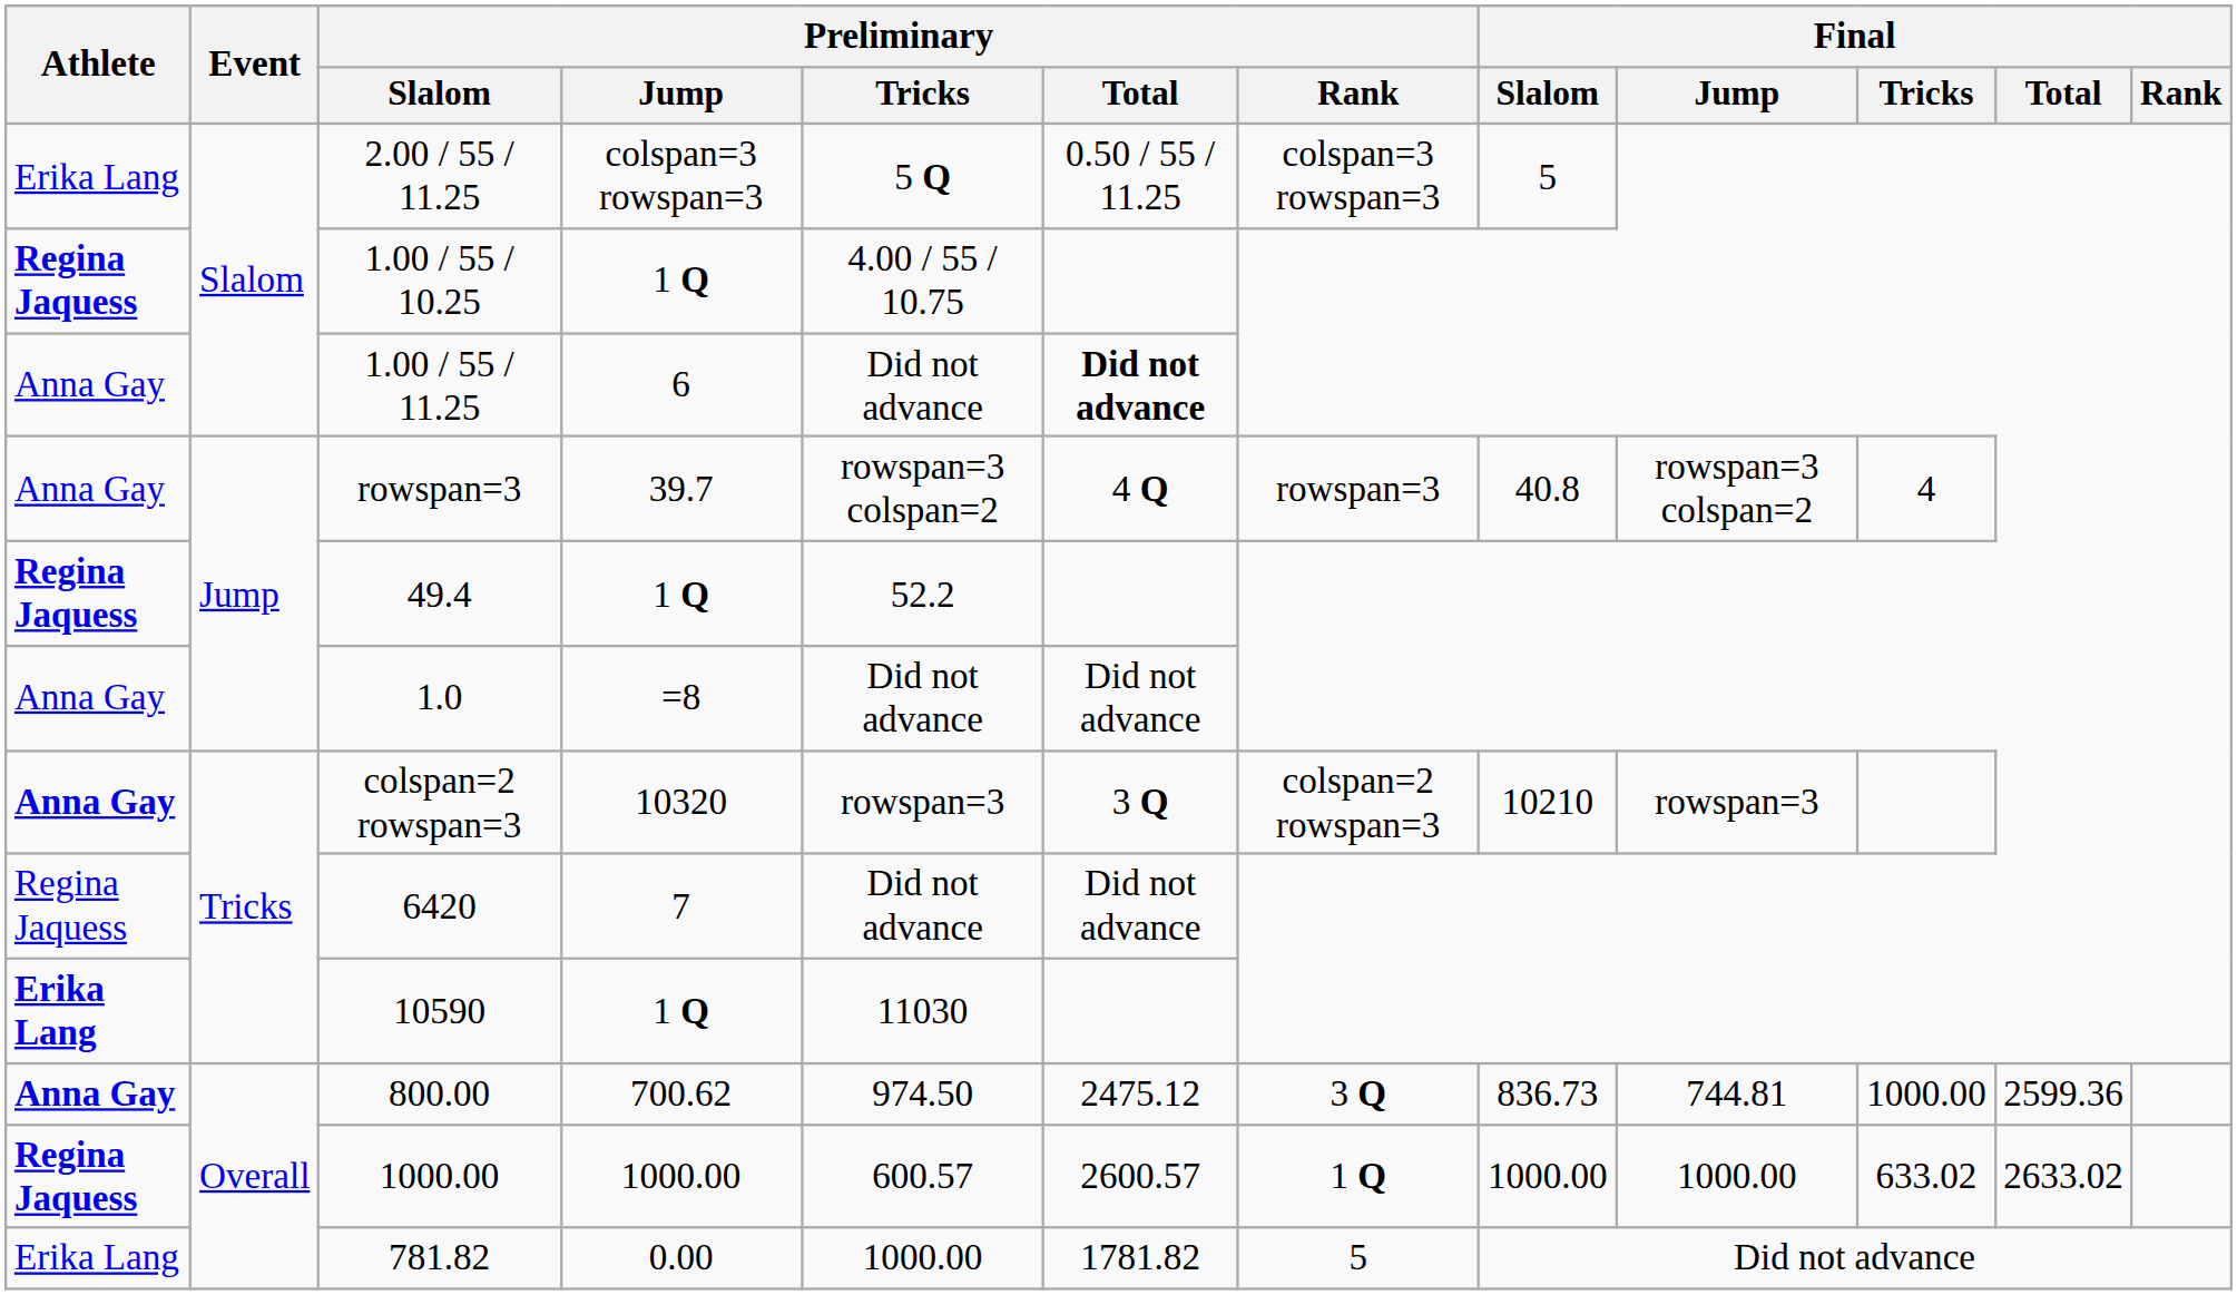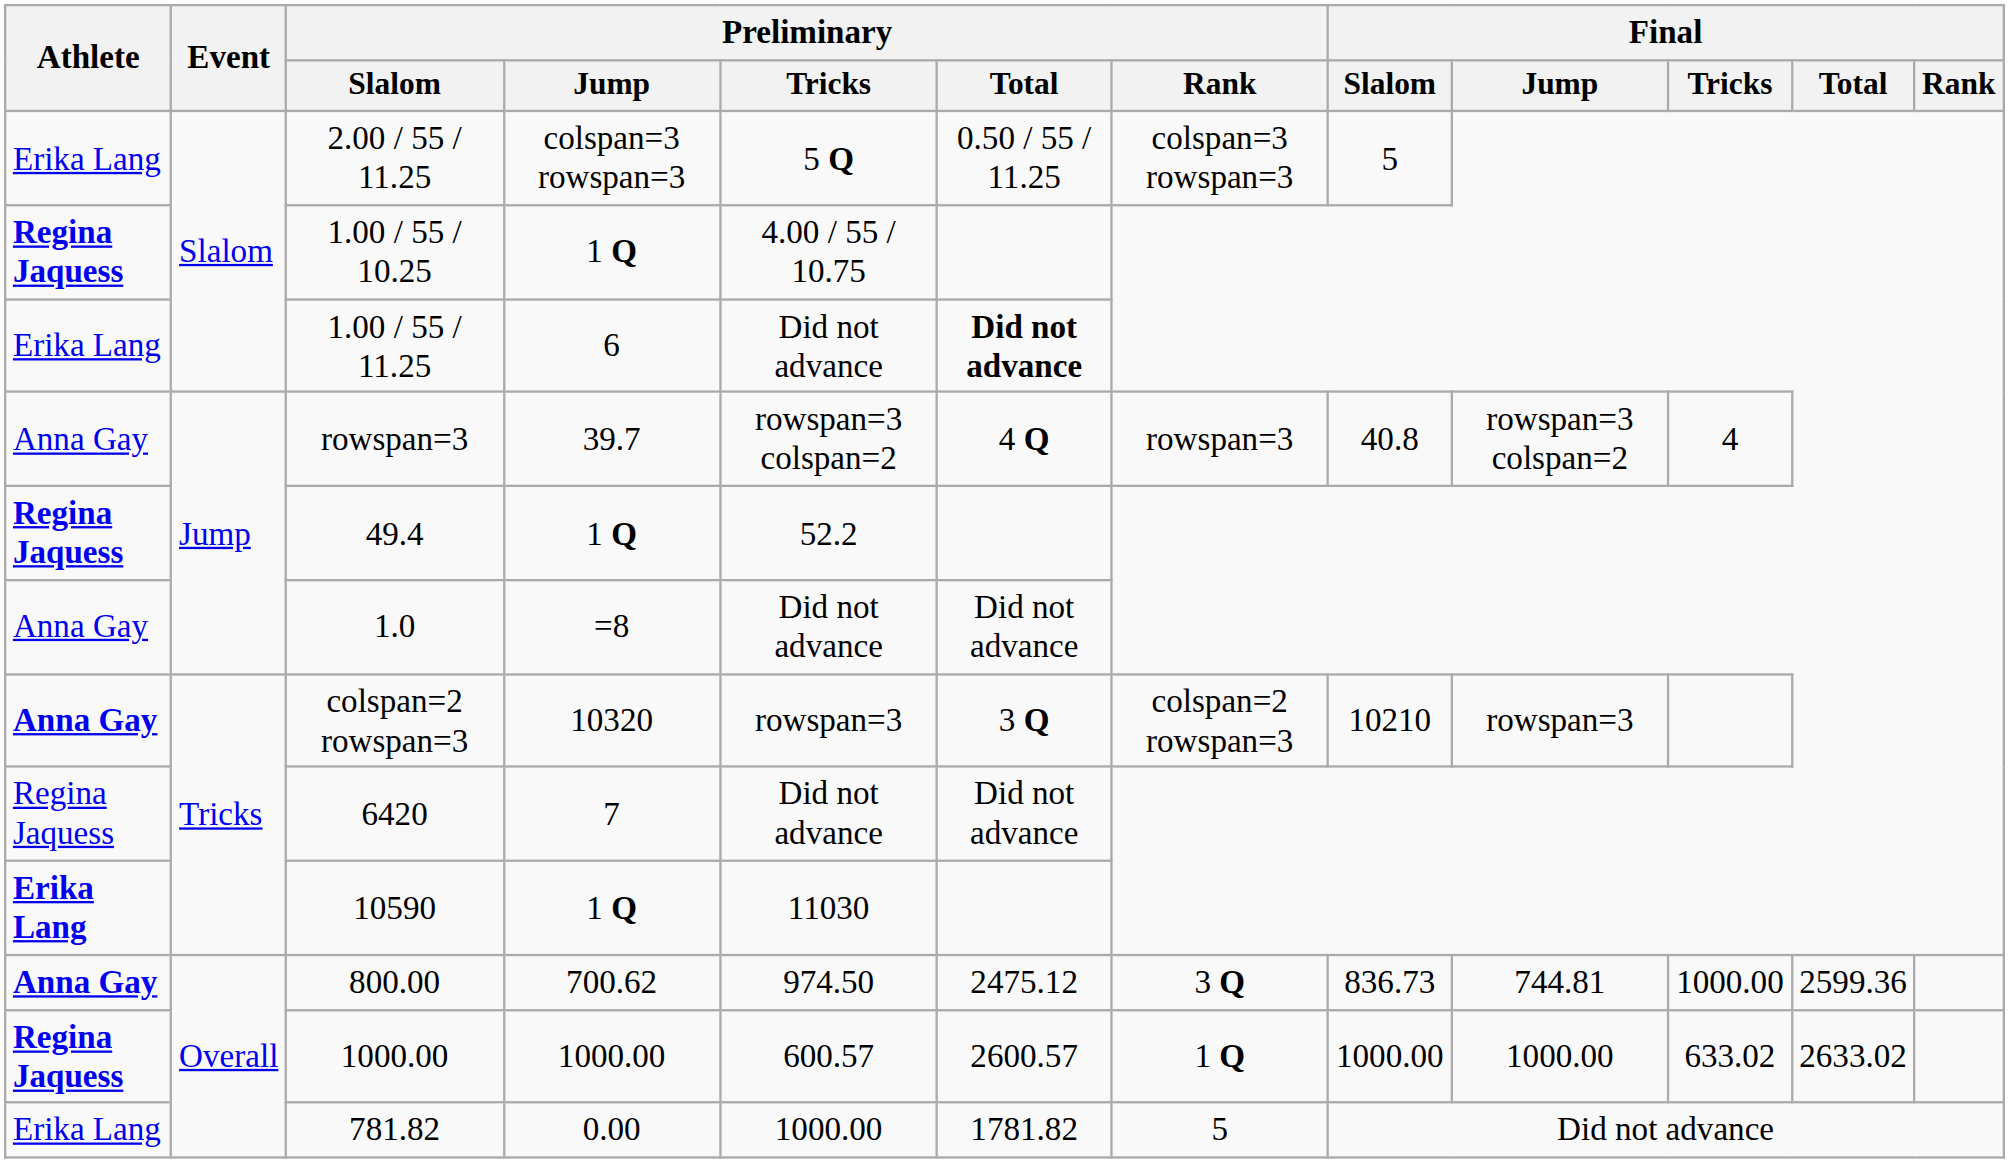 <table class=wikitable style=font-size:90%;text-align:center>
 <tr>
 <th rowspan=2>Athlete</th>
 <th rowspan=2>Event</th>
 <th colspan=5>Preliminary</th>
 <th colspan=5>Final</th>
 </tr>
 <tr style=font-size:95%>
 <th>Slalom</th>
 <th>Jump</th>
 <th>Tricks</th>
 <th>Total</th>
 <th>Rank</th>
 <th>Slalom</th>
 <th>Jump</th>
 <th>Tricks</th>
 <th>Total</th>
 <th>Rank</th>
 </tr>
 <tr>
 <td align=left><a href='#'>Erika Lang</a></td>
 <td align=left rowspan=3><a href='#'>Slalom</a></td>
 <td>2.00 / 55 / 11.25</td>
 <td>colspan=3 rowspan=3 </td>
 <td>5 <strong>Q</strong></td>
 <td>0.50 / 55 / 11.25</td>
 <td>colspan=3 rowspan=3 </td>
 <td>5</td>
 </tr>
 <tr>
 <td align=left><strong><a href='#'>Regina Jaquess</a></strong></td>
 <td>1.00 / 55 / 10.25</td>
 <td>1 <strong>Q</strong></td>
 <td>4.00 / 55 / 10.75</td>
 <td></td>
 </tr>
 <tr>
-<td align=left><a href='#'>Anna Gay</a></td>
+<td align=left><a href='#'>Erika Lang</a></td>
 <td>1.00 / 55 / 11.25</td>
 <td>6</td>
 <td>Did not advance</td>
 <td><strong>Did not advance</strong></td>
 </tr>
 <tr>
 <td align=left><a href='#'>Anna Gay</a></td>
 <td align=left rowspan=3><a href='#'>Jump</a></td>
 <td>rowspan=3 </td>
 <td>39.7</td>
 <td>rowspan=3 colspan=2 </td>
 <td>4 <strong>Q</strong></td>
 <td>rowspan=3 </td>
 <td>40.8</td>
 <td>rowspan=3 colspan=2 </td>
 <td>4</td>
 </tr>
 <tr>
 <td align=left><strong><a href='#'>Regina Jaquess</a></strong></td>
 <td>49.4</td>
 <td>1 <strong>Q</strong></td>
 <td>52.2</td>
 <td></td>
 </tr>
 <tr>
 <td align=left><a href='#'>Anna Gay</a></td>
 <td>1.0</td>
 <td>=8</td>
 <td>Did not advance</td>
 <td>Did not advance</td>
 </tr>
 <tr>
 <td align=left><strong><a href='#'>Anna Gay</a></strong></td>
 <td align=left rowspan=3><a href='#'>Tricks</a></td>
 <td>colspan=2 rowspan=3 </td>
 <td>10320</td>
 <td>rowspan=3 </td>
 <td>3 <strong>Q</strong></td>
 <td>colspan=2 rowspan=3 </td>
 <td>10210</td>
 <td>rowspan=3 </td>
 <td></td>
 </tr>
 <tr>
 <td align=left><a href='#'>Regina Jaquess</a></td>
 <td>6420</td>
 <td>7</td>
 <td>Did not advance</td>
 <td>Did not advance</td>
 </tr>
 <tr>
 <td align=left><strong><a href='#'>Erika Lang</a></strong></td>
 <td>10590</td>
 <td>1 <strong>Q</strong></td>
 <td>11030</td>
 <td></td>
 </tr>
 <tr>
 <td align=left><strong><a href='#'>Anna Gay</a></strong></td>
 <td align=left rowspan=3><a href='#'>Overall</a></td>
 <td>800.00</td>
 <td>700.62</td>
 <td>974.50</td>
 <td>2475.12</td>
 <td>3 <strong>Q</strong></td>
 <td>836.73</td>
 <td>744.81</td>
 <td>1000.00</td>
 <td>2599.36</td>
 <td></td>
 </tr>
 <tr>
 <td align=left><strong><a href='#'>Regina Jaquess</a></strong></td>
 <td>1000.00</td>
 <td>1000.00</td>
 <td>600.57</td>
 <td>2600.57</td>
 <td>1 <strong>Q</strong></td>
 <td>1000.00</td>
 <td>1000.00</td>
 <td>633.02</td>
 <td>2633.02</td>
 <td></td>
 </tr>
 <tr>
 <td align=left><a href='#'>Erika Lang</a></td>
 <td>781.82</td>
 <td>0.00</td>
 <td>1000.00</td>
 <td>1781.82</td>
 <td>5</td>
 <td colspan=5>Did not advance</td>
 </tr>
 </table>
